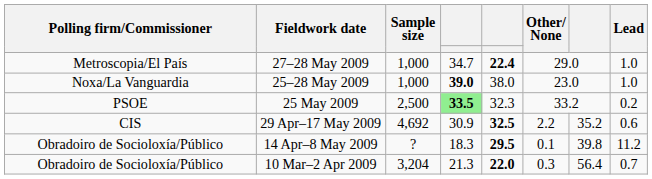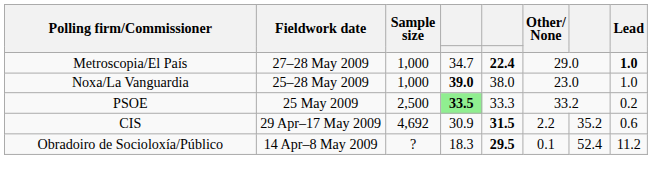 <table class="wikitable collapsible collapsed" style="text-align:center; font-size:90%; line-height:14px;">
 <tr style="height:42px;">
 <th style="width:250px;" rowspan="2">Polling firm/Commissioner</th>
 <th style="width:125px;" rowspan="2">Fieldwork date</th>
 <th style="width:50px;" rowspan="2">Sample size</th>
 <th style="width:35px;"></th>
 <th style="width:35px;"></th>
 <th style="width:35px;" rowspan="2">Other/<br>None</th>
 <th style="width:35px;" rowspan="2"></th>
 <th style="width:30px;" rowspan="2">Lead</th>
 </tr>
 <tr>
 <th style="color:inherit;background:"></th>
 <th style="color:inherit;background:"></th>
 </tr>
 <tr>
 <td>Metroscopia/El País</td>
 <td>27–28 May 2009</td>
 <td>1,000</td>
 <td>34.7</td>
 <td><strong>22.4</strong></td>
 <td colspan="2">29.0</td>
-<td style="background:">1.0</td>
+<td style="background:"><strong>1.0</strong></td>
 </tr>
 <tr>
 <td>Noxa/La Vanguardia</td>
 <td>25–28 May 2009</td>
 <td>1,000</td>
 <td><strong>39.0</strong></td>
 <td>38.0</td>
 <td colspan="2">23.0</td>
 <td style="background:">1.0</td>
 </tr>
 <tr>
 <td>PSOE</td>
 <td>25 May 2009</td>
 <td>2,500</td>
 <td style="background: lightgreen;"><strong>33.5</strong></td>
-<td>32.3</td>
+<td>33.3</td>
 <td colspan="2">33.2</td>
 <td style="background:">0.2</td>
 </tr>
 <tr>
 <td>CIS</td>
 <td>29 Apr–17 May 2009</td>
 <td>4,692</td>
 <td>30.9</td>
-<td><strong>32.5</strong></td>
+<td><strong>31.5</strong></td>
 <td>2.2</td>
 <td>35.2</td>
 <td style="background:">0.6</td>
 </tr>
 <tr>
 <td>Obradoiro de Socioloxía/Público</td>
 <td>14 Apr–8 May 2009</td>
 <td>?</td>
 <td>18.3</td>
 <td><strong>29.5</strong></td>
 <td>0.1</td>
-<td>39.8</td>
+<td>52.4</td>
 <td style="background:">11.2</td>
 </tr>
-<tr>
-<td>Obradoiro de Socioloxía/Público</td>
-<td>10 Mar–2 Apr 2009</td>
-<td>3,204</td>
-<td>21.3</td>
-<td><strong>22.0</strong></td>
-<td>0.3</td>
-<td>56.4</td>
-<td style="background:">0.7</td>
-</tr>
 </table>
